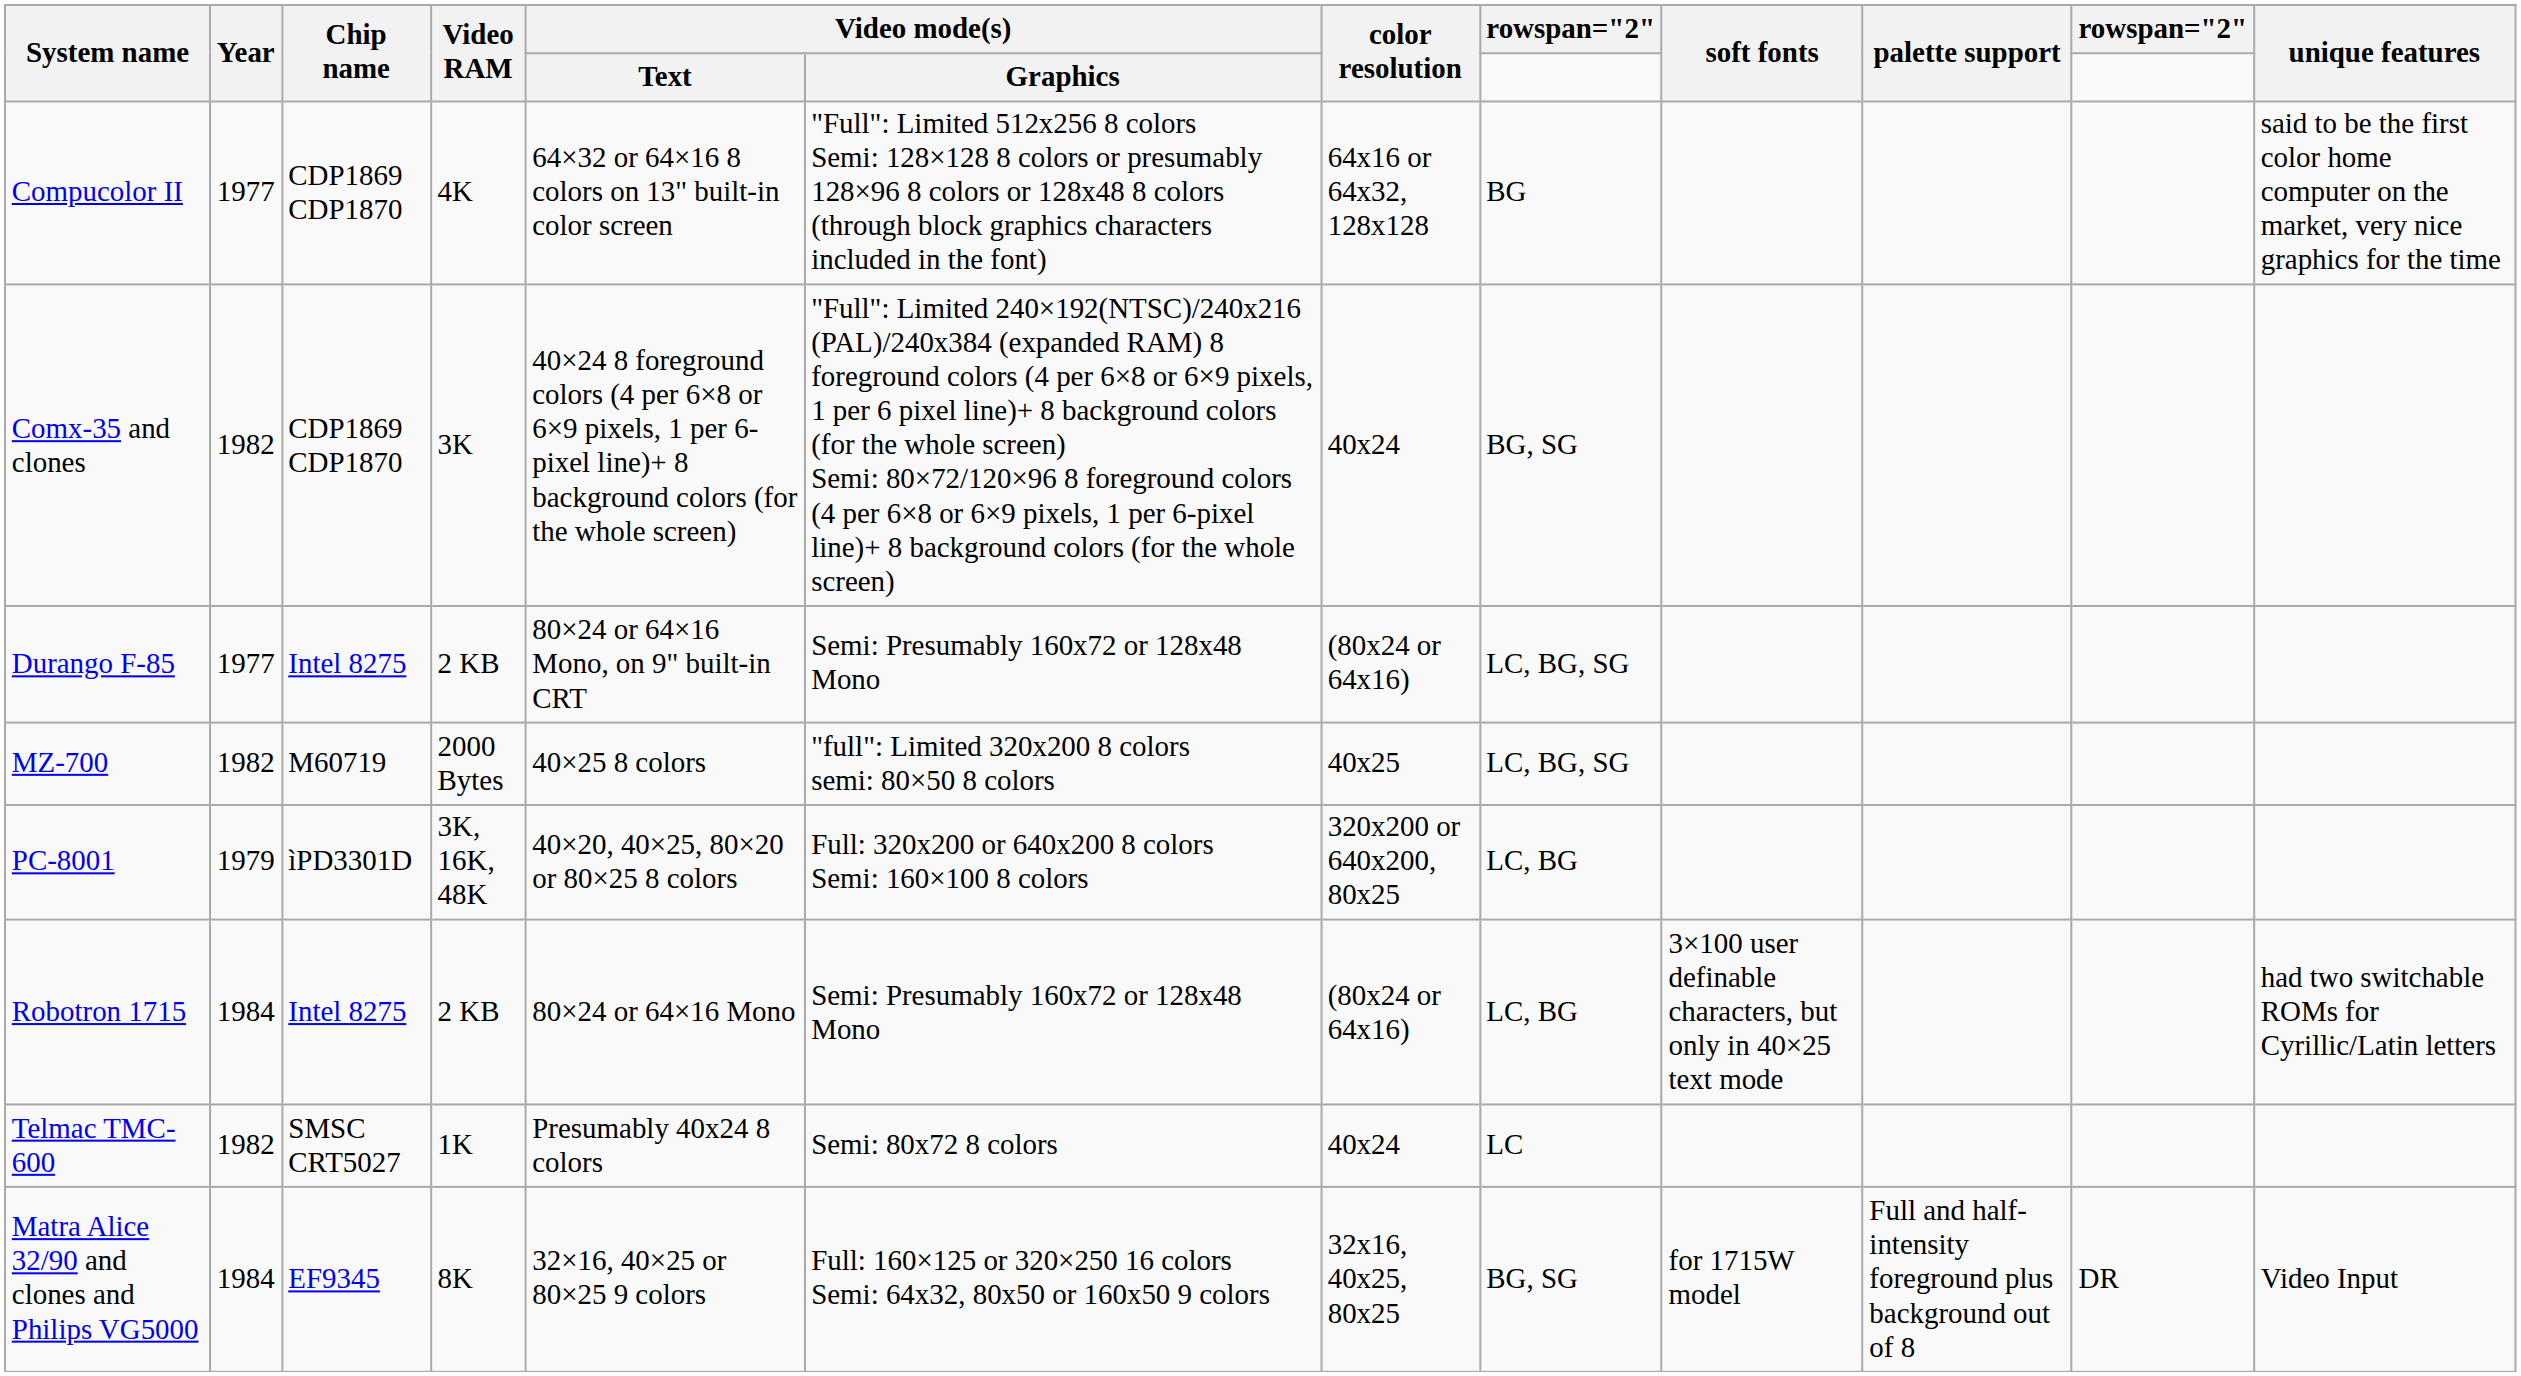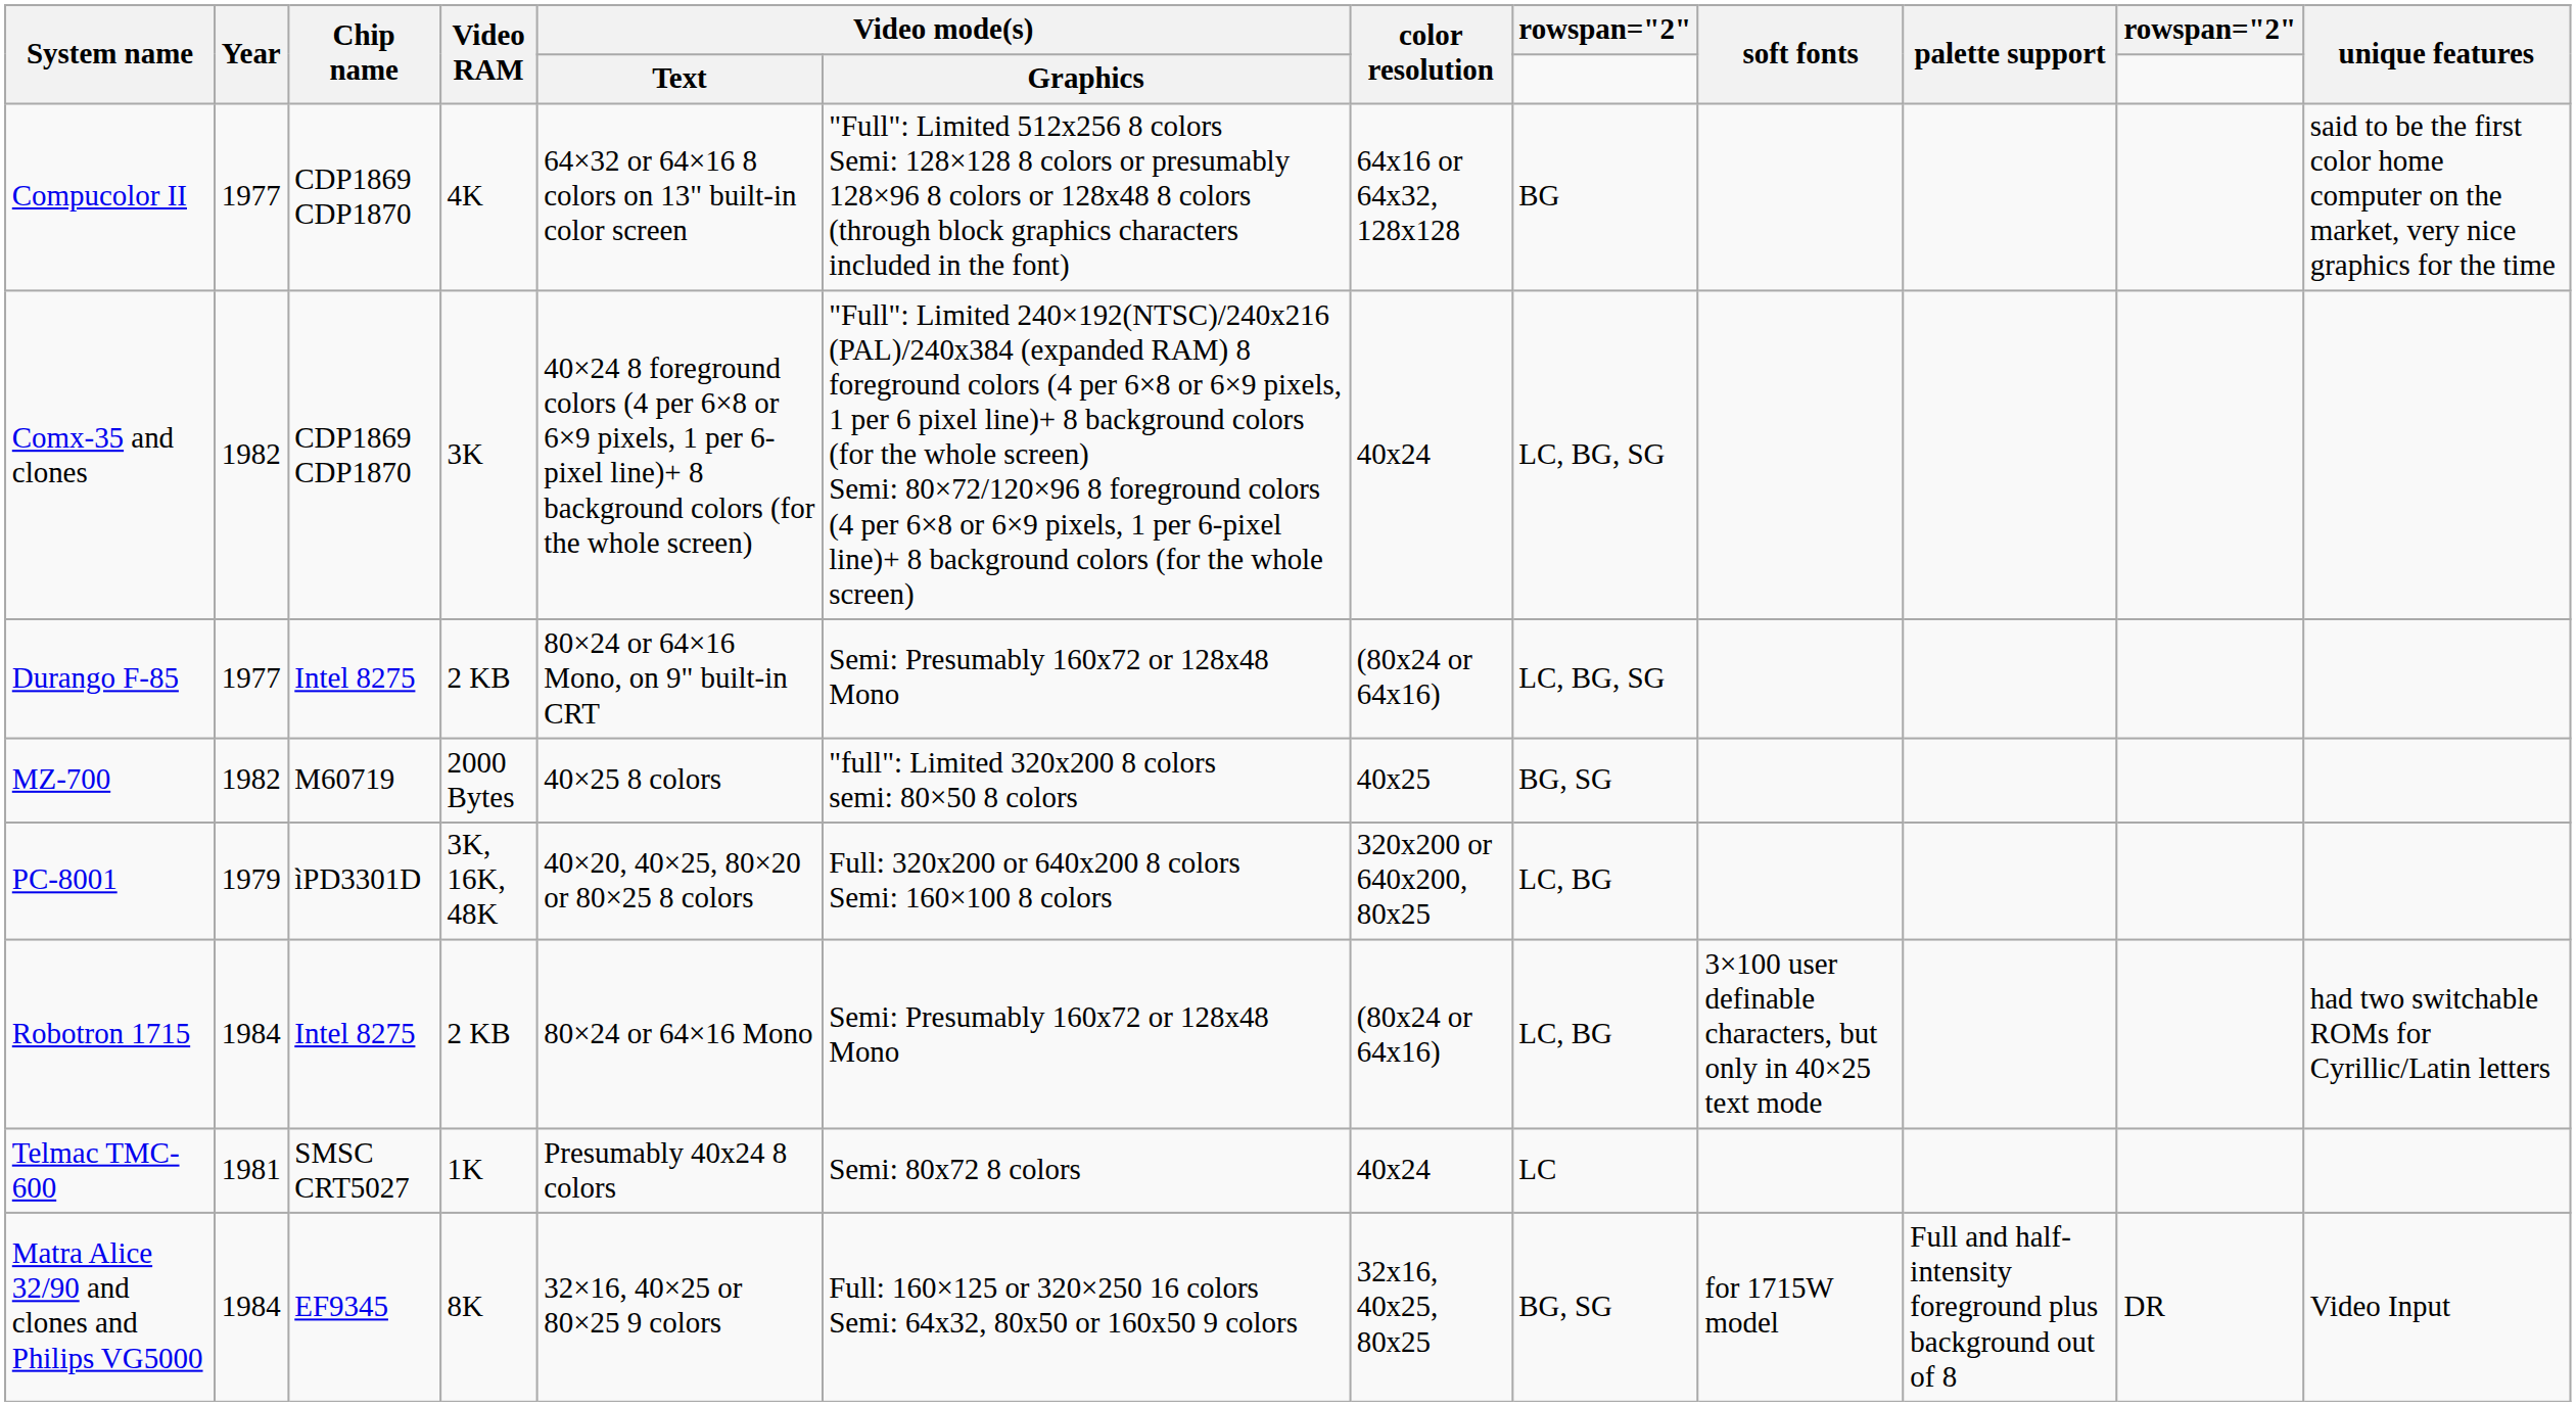 <table class="wikitable" style="font-size: 90%;">
 <tr>
 <th rowspan="2">System name</th>
 <th rowspan="2">Year</th>
 <th rowspan="2">Chip name</th>
 <th rowspan="2">Video RAM</th>
 <th colspan="2">Video mode(s)</th>
 <th rowspan="2">color resolution</th>
 <th>rowspan="2" </th>
 <th rowspan="2">soft fonts</th>
 <th rowspan="2">palette support</th>
 <th>rowspan="2" </th>
 <th rowspan="2">unique features</th>
 </tr>
 <tr>
 <th>Text</th>
 <th>Graphics</th>
 </tr>
 <tr>
 <td><a href='#'>Compucolor II</a></td>
 <td>1977</td>
 <td>CDP1869 CDP1870</td>
 <td>4K</td>
 <td>64×32 or 64×16 8 colors on 13" built-in color screen</td>
 <td>"Full": Limited 512x256 8 colors<br>Semi: 128×128 8 colors or presumably 128×96 8 colors or 128x48 8 colors (through block graphics characters included in the font)</td>
 <td>64x16 or 64x32, 128x128</td>
 <td>BG</td>
 <td></td>
 <td></td>
 <td></td>
 <td>said to be the first color home computer on the market, very nice graphics for the time</td>
 </tr>
 <tr>
 <td><a href='#'>Comx-35</a> and clones</td>
 <td>1982</td>
 <td>CDP1869 CDP1870</td>
 <td>3K</td>
 <td>40×24 8 foreground colors (4 per 6×8 or 6×9 pixels, 1 per 6-pixel line)+ 8 background colors (for the whole screen)</td>
 <td>"Full": Limited 240×192(NTSC)/240x216 (PAL)/240x384 (expanded RAM) 8 foreground colors (4 per 6×8 or 6×9 pixels, 1 per 6 pixel line)+ 8 background colors (for the whole screen)<br>Semi: 80×72/120×96 8 foreground colors (4 per 6×8 or 6×9 pixels, 1 per 6-pixel line)+ 8 background colors (for the whole screen)</td>
 <td>40x24</td>
-<td>BG, SG</td>
+<td>LC, BG, SG</td>
 <td></td>
 <td></td>
 <td></td>
 <td></td>
 </tr>
 <tr>
 <td><a href='#'>Durango F-85</a></td>
 <td>1977</td>
 <td><a href='#'>Intel 8275</a></td>
 <td>2 KB</td>
 <td>80×24 or 64×16 Mono, on 9" built-in CRT</td>
 <td>Semi: Presumably 160x72 or 128x48 Mono</td>
 <td>(80x24 or 64x16)</td>
 <td>LC, BG, SG</td>
 <td></td>
 <td></td>
 <td></td>
 <td></td>
 </tr>
 <tr>
 <td><a href='#'>MZ-700</a></td>
 <td>1982</td>
 <td>M60719</td>
 <td>2000 Bytes</td>
 <td>40×25 8 colors</td>
 <td>"full": Limited 320x200 8 colors<br>semi: 80×50 8 colors</td>
 <td>40x25</td>
-<td>LC, BG, SG</td>
+<td>BG, SG</td>
 <td></td>
 <td></td>
 <td></td>
 <td></td>
 </tr>
 <tr>
 <td><a href='#'>PC-8001</a></td>
 <td>1979</td>
 <td>ìPD3301D</td>
 <td>3K, 16K, 48K</td>
 <td>40×20, 40×25, 80×20 or 80×25 8 colors</td>
 <td>Full: 320x200 or 640x200 8 colors<br>Semi: 160×100 8 colors</td>
 <td>320x200 or 640x200, 80x25</td>
 <td>LC, BG</td>
 <td></td>
 <td></td>
 <td></td>
 <td></td>
 </tr>
 <tr>
 <td><a href='#'>Robotron 1715</a></td>
 <td>1984</td>
 <td><a href='#'>Intel 8275</a></td>
 <td>2 KB</td>
 <td>80×24 or 64×16 Mono</td>
 <td>Semi: Presumably 160x72 or 128x48 Mono</td>
 <td>(80x24 or 64x16)</td>
 <td>LC, BG</td>
 <td>3×100 user definable characters, but only in 40×25 text mode</td>
 <td></td>
 <td></td>
 <td>had two switchable ROMs for Cyrillic/Latin letters</td>
 </tr>
 <tr>
 <td><a href='#'>Telmac TMC-600</a></td>
-<td>1982</td>
+<td>1981</td>
 <td>SMSC CRT5027</td>
 <td>1K</td>
 <td>Presumably 40x24 8 colors</td>
 <td>Semi: 80x72 8 colors</td>
 <td>40x24</td>
 <td>LC</td>
 <td></td>
 <td></td>
 <td></td>
 <td></td>
 </tr>
 <tr>
 <td><a href='#'>Matra Alice 32/90</a> and clones and <a href='#'>Philips VG5000</a></td>
 <td>1984</td>
 <td><a href='#'>EF9345</a></td>
 <td>8K</td>
 <td>32×16, 40×25 or 80×25 9 colors</td>
 <td>Full: 160×125 or 320×250 16 colors<br>Semi: 64x32, 80x50 or 160x50 9 colors</td>
 <td>32x16, 40x25, 80x25</td>
 <td>BG, SG</td>
 <td>for 1715W model</td>
 <td>Full and half-intensity foreground plus background out of 8</td>
 <td>DR</td>
 <td>Video Input</td>
 </tr>
 </table>
